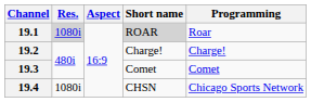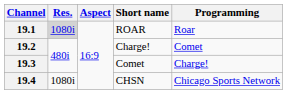 <table class="wikitable">
 <tr>
 <th scope="col"><a href='#'>Channel</a></th>
 <th scope="col"><a href='#'>Res.</a></th>
 <th scope="col"><a href='#'>Aspect</a></th>
 <th scope="col">Short name</th>
 <th scope="col">Programming</th>
 </tr>
 <tr>
 <th scope="row">19.1</th>
 <td style="background: lightgrey;"><a href='#'>1080i</a></td>
 <td rowspan=4><a href='#'>16:9</a></td>
-<td style="background: lightgrey;">ROAR</td>
+<td>ROAR</td>
 <td><a href='#'>Roar</a></td>
 </tr>
 <tr>
 <th scope="row">19.2</th>
 <td rowspan=2><a href='#'>480i</a></td>
 <td>Charge!</td>
-<td><a href='#'>Charge!</a></td>
+<td><a href='#'>Comet</a></td>
 </tr>
 <tr>
 <th scope="row">19.3</th>
 <td>Comet</td>
-<td><a href='#'>Comet</a></td>
+<td><a href='#'>Charge!</a></td>
 </tr>
 <tr>
 <th scope="row">19.4</th>
 <td>1080i</td>
 <td>CHSN</td>
 <td><a href='#'>Chicago Sports Network</a></td>
 </tr>
 </table>
